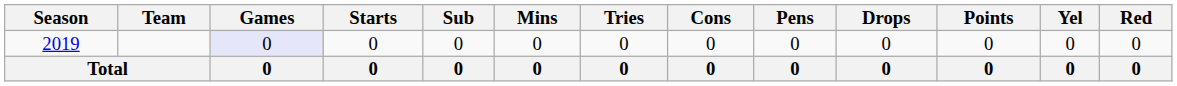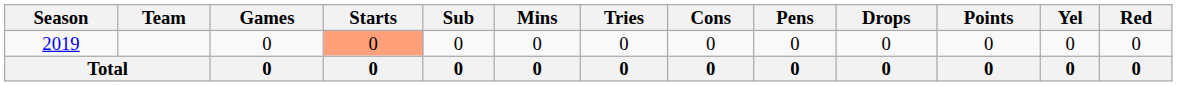 <table class="wikitable" style="text-align:center; line-height:90%; font-size:95%; width:60%;">
 <tr>
 <th>Season</th>
 <th>Team</th>
 <th>Games</th>
 <th>Starts</th>
 <th>Sub</th>
 <th>Mins</th>
 <th>Tries</th>
 <th>Cons</th>
 <th>Pens</th>
 <th>Drops</th>
 <th>Points</th>
 <th>Yel</th>
 <th>Red</th>
 </tr>
 <tr>
 <td><a href='#'>2019</a></td>
 <td></td>
-<td style="background: lavender;">0</td>
 <td>0</td>
+<td style="background: lightsalmon;">0</td>
 <td>0</td>
 <td>0</td>
 <td>0</td>
 <td>0</td>
 <td>0</td>
 <td>0</td>
 <td>0</td>
 <td>0</td>
 <td>0</td>
 </tr>
 <tr>
 <th colspan="2">Total</th>
 <th>0</th>
 <th>0</th>
 <th>0</th>
 <th>0</th>
 <th>0</th>
 <th>0</th>
 <th>0</th>
 <th>0</th>
 <th>0</th>
 <th>0</th>
 <th>0</th>
 </tr>
 </table>
